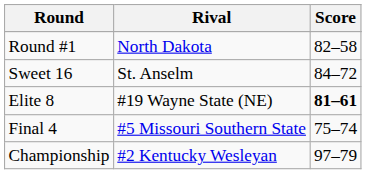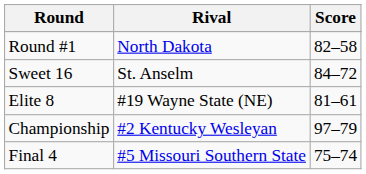 <table class= "wikitable sortable">
 <tr>
 <th width=px>Round</th>
 <th width=px>Rival</th>
 <th width=px>Score</th>
 </tr>
 <tr>
 </tr>
 <tr>
 <td>Round #1</td>
 <td><a href='#'>North Dakota</a></td>
 <td>82–58</td>
 </tr>
 <tr>
 <td>Sweet 16</td>
 <td>St. Anselm</td>
 <td>84–72</td>
 </tr>
 <tr>
 <td>Elite 8</td>
 <td>#19 Wayne State (NE)</td>
-<td><strong>81–61</strong></td>
+<td>81–61</td>
+</tr>
+<tr>
+<td>Championship</td>
+<td><a href='#'>#2 Kentucky Wesleyan</a></td>
+<td>97–79</td>
 </tr>
 <tr>
 <td>Final 4</td>
 <td><a href='#'>#5 Missouri Southern State</a></td>
 <td>75–74</td>
 </tr>
-<tr>
-<td>Championship</td>
-<td><a href='#'>#2 Kentucky Wesleyan</a></td>
-<td>97–79</td>
-</tr>
 </table>
